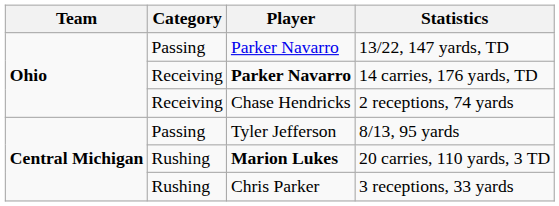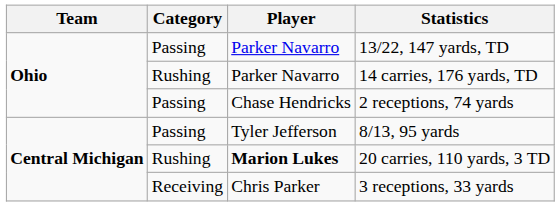 <table class="wikitable" style="float: right;">
 <tr>
 <th>Team</th>
 <th>Category</th>
 <th>Player</th>
 <th>Statistics</th>
 </tr>
 <tr>
 <td rowspan=3><strong>Ohio</strong></td>
 <td>Passing</td>
 <td><a href='#'>Parker Navarro</a></td>
 <td>13/22, 147 yards, TD</td>
 </tr>
 <tr>
-<td>Receiving</td>
-<td><strong>Parker Navarro</strong></td>
+<td>Rushing</td>
+<td>Parker Navarro</td>
 <td>14 carries, 176 yards, TD</td>
 </tr>
 <tr>
-<td>Receiving</td>
+<td>Passing</td>
 <td>Chase Hendricks</td>
 <td>2 receptions, 74 yards</td>
 </tr>
 <tr>
 <td rowspan=3><strong>Central Michigan</strong></td>
 <td>Passing</td>
 <td>Tyler Jefferson</td>
 <td>8/13, 95 yards</td>
 </tr>
 <tr>
 <td>Rushing</td>
 <td><strong>Marion Lukes</strong></td>
 <td>20 carries, 110 yards, 3 TD</td>
 </tr>
 <tr>
-<td>Rushing</td>
+<td>Receiving</td>
 <td>Chris Parker</td>
 <td>3 receptions, 33 yards</td>
 </tr>
 </table>
